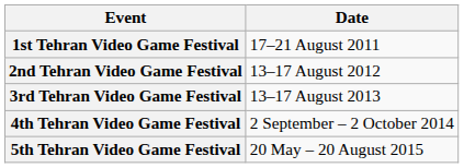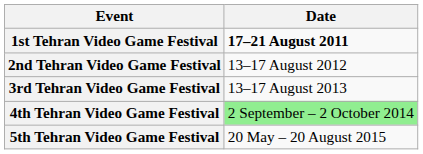 <table class="wikitable">
 <tr>
 <th>Event</th>
 <th>Date</th>
 </tr>
 <tr>
 <th>1st Tehran Video Game Festival</th>
-<td>17–21 August 2011</td>
+<td><strong>17–21 August 2011</strong></td>
 </tr>
 <tr>
 <th>2nd Tehran Video Game Festival</th>
 <td>13–17 August 2012</td>
 </tr>
 <tr>
 <th>3rd Tehran Video Game Festival</th>
 <td>13–17 August 2013</td>
 </tr>
 <tr>
 <th>4th Tehran Video Game Festival</th>
-<td>2 September – 2 October 2014</td>
+<td style="background: lightgreen;">2 September – 2 October 2014</td>
 </tr>
 <tr>
 <th>5th Tehran Video Game Festival</th>
 <td>20 May – 20 August 2015</td>
 </tr>
 </table>
